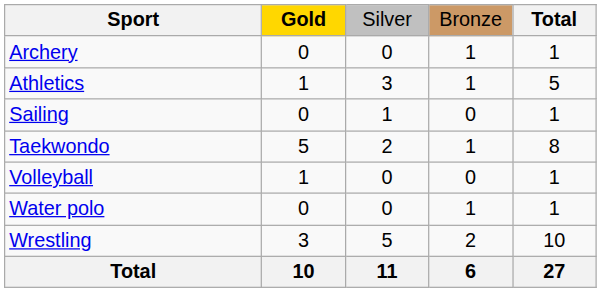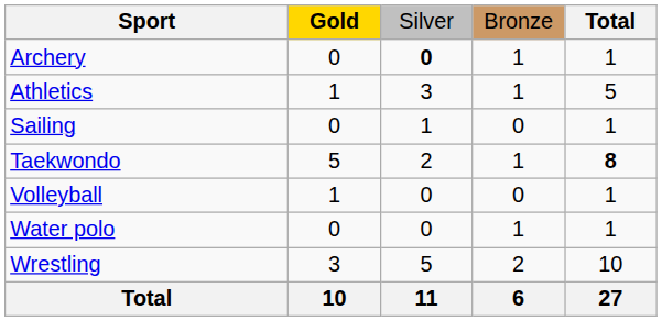 <table class="wikitable" style="text-align:center;">
 <tr>
 <th width=200>Sport</th>
 <td bgcolor=gold width=60><strong>Gold</strong></td>
 <td bgcolor=silver width=60>Silver</td>
 <td bgcolor="#cc9966" width="60">Bronze</td>
 <th width=60>Total</th>
 </tr>
 <tr>
 <td align=left><a href='#'>Archery</a></td>
 <td>0</td>
-<td>0</td>
+<td><strong>0</strong></td>
 <td>1</td>
 <td>1</td>
 </tr>
 <tr>
 <td align=left><a href='#'>Athletics</a></td>
 <td>1</td>
 <td>3</td>
 <td>1</td>
 <td>5</td>
 </tr>
 <tr>
 <td align=left><a href='#'>Sailing</a></td>
 <td>0</td>
 <td>1</td>
 <td>0</td>
 <td>1</td>
 </tr>
 <tr>
 <td align=left><a href='#'>Taekwondo</a></td>
 <td>5</td>
 <td>2</td>
 <td>1</td>
-<td>8</td>
+<td><strong>8</strong></td>
 </tr>
 <tr>
 <td align=left><a href='#'>Volleyball</a></td>
 <td>1</td>
 <td>0</td>
 <td>0</td>
 <td>1</td>
 </tr>
 <tr>
 <td align=left><a href='#'>Water polo</a></td>
 <td>0</td>
 <td>0</td>
 <td>1</td>
 <td>1</td>
 </tr>
 <tr>
 <td align=left><a href='#'>Wrestling</a></td>
 <td>3</td>
 <td>5</td>
 <td>2</td>
 <td>10</td>
 </tr>
 <tr>
 <th>Total</th>
 <th>10</th>
 <th>11</th>
 <th>6</th>
 <th>27</th>
 </tr>
 </table>
